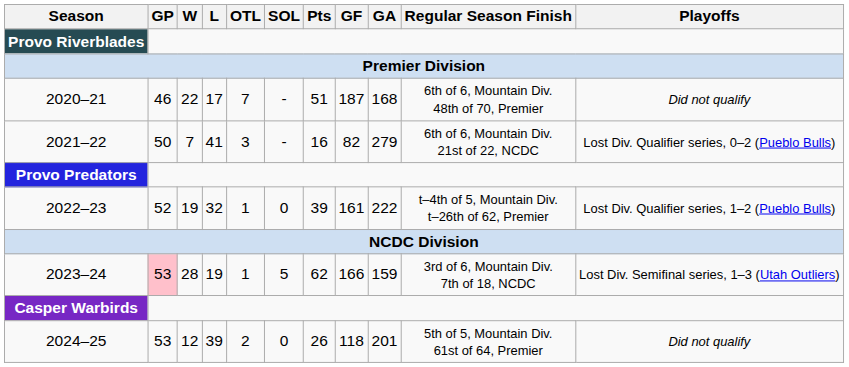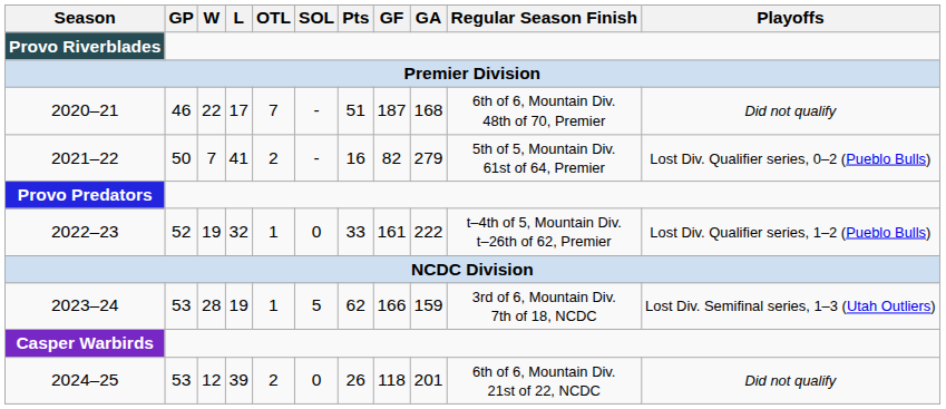 <table class="wikitable" style="text-align:center">
 <tr>
 <th>Season</th>
 <th>GP</th>
 <th>W</th>
 <th>L</th>
 <th>OTL</th>
 <th>SOL</th>
 <th>Pts</th>
 <th>GF</th>
 <th>GA</th>
 <th>Regular Season Finish</th>
 <th>Playoffs</th>
 </tr>
 <tr align="center">
 <td style="color:white; background:#264b53; "><strong>Provo Riverblades</strong></td>
 </tr>
 <tr style="background:#cedff2;">
 <td colspan="20"><strong>Premier Division</strong></td>
 </tr>
 <tr>
 <td>2020–21</td>
 <td>46</td>
 <td>22</td>
 <td>17</td>
 <td>7</td>
 <td>-</td>
 <td>51</td>
 <td>187</td>
 <td>168</td>
 <td><small>6th of 6, Mountain Div.<br>48th of 70, Premier</small></td>
 <td><small><em>Did not qualify</em></small></td>
 </tr>
 <tr>
 <td>2021–22</td>
 <td>50</td>
 <td>7</td>
 <td>41</td>
-<td>3</td>
+<td>2</td>
 <td>-</td>
 <td>16</td>
 <td>82</td>
 <td>279</td>
-<td><small>6th of 6, Mountain Div.<br>21st of 22, NCDC</small></td>
+<td><small>5th of 5, Mountain Div.<br>61st of 64, Premier</small></td>
 <td><small>Lost Div. Qualifier series, 0–2 (<a href='#'>Pueblo Bulls</a>)</small></td>
 </tr>
 <tr align="center">
 <td style="color:white; background:#2324de; "><strong>Provo Predators</strong></td>
 </tr>
 <tr>
 <td>2022–23</td>
 <td>52</td>
 <td>19</td>
 <td>32</td>
 <td>1</td>
 <td>0</td>
-<td>39</td>
+<td>33</td>
 <td>161</td>
 <td>222</td>
 <td><small>t–4th of 5, Mountain Div.<br>t–26th of 62, Premier</small></td>
 <td><small>Lost Div. Qualifier series, 1–2 (<a href='#'>Pueblo Bulls</a>)</small></td>
 </tr>
 <tr style="background:#cedff2;">
 <td colspan="20"><strong>NCDC Division</strong></td>
 </tr>
 <tr>
 <td>2023–24</td>
-<td style="background: pink;">53</td>
+<td>53</td>
 <td>28</td>
 <td>19</td>
 <td>1</td>
 <td>5</td>
 <td>62</td>
 <td>166</td>
 <td>159</td>
 <td><small>3rd of 6, Mountain Div.<br>7th of 18, NCDC</small></td>
 <td><small>Lost Div. Semifinal series, 1–3 (<a href='#'>Utah Outliers</a>)</small></td>
 </tr>
 <tr align="center">
 <td style="color:white; background:#7727c4; "><strong>Casper Warbirds</strong></td>
 </tr>
 <tr>
 <td>2024–25</td>
 <td>53</td>
 <td>12</td>
 <td>39</td>
 <td>2</td>
 <td>0</td>
 <td>26</td>
 <td>118</td>
 <td>201</td>
-<td><small>5th of 5, Mountain Div.<br>61st of 64, Premier</small></td>
+<td><small>6th of 6, Mountain Div.<br>21st of 22, NCDC</small></td>
 <td><small><em>Did not qualify</em></small></td>
 </tr>
 </table>
